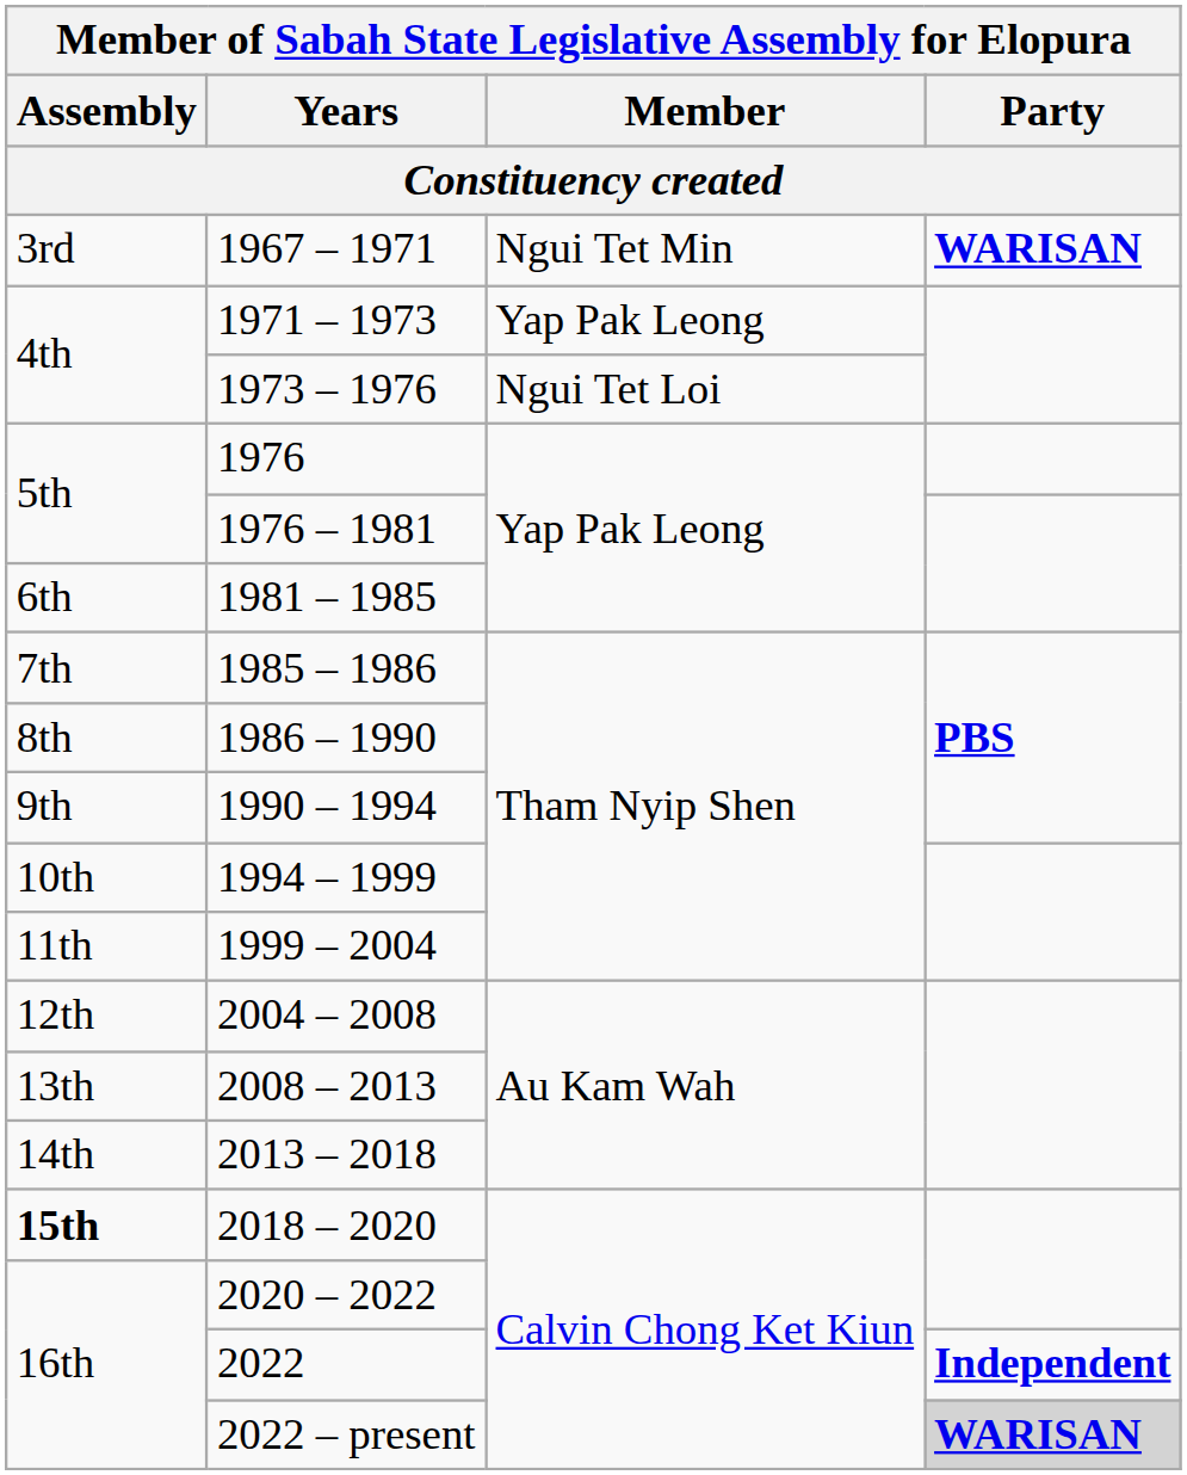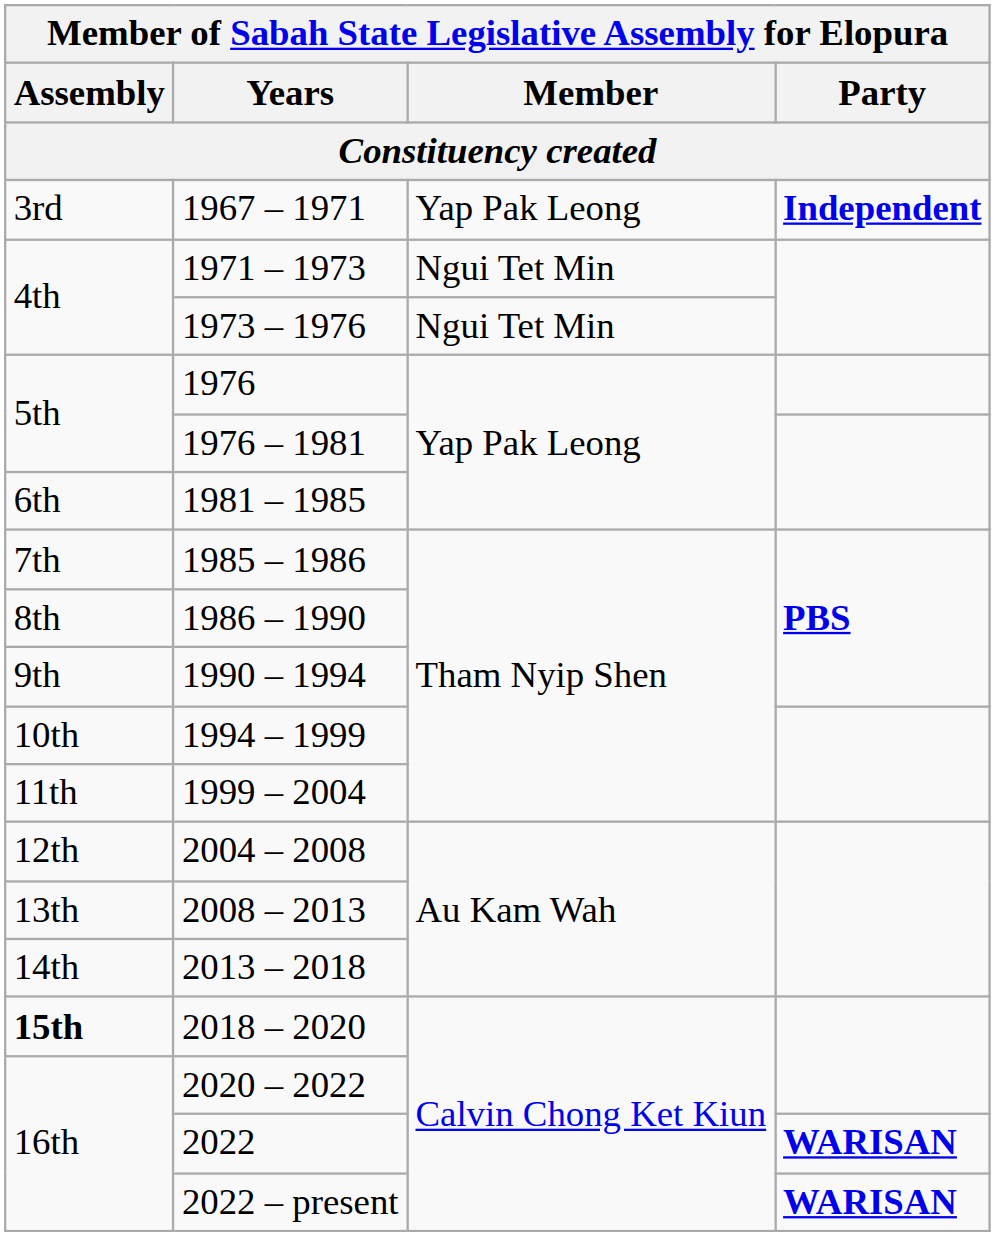 <table class="wikitable">
 <tr>
 <th colspan="4">Member of <a href='#'>Sabah State Legislative Assembly</a> for Elopura</th>
 </tr>
 <tr>
 <th>Assembly</th>
 <th>Years</th>
 <th>Member</th>
 <th>Party</th>
 </tr>
 <tr>
 <th colspan="4" align="center"><em>Constituency created</em></th>
 </tr>
 <tr>
 <td>3rd</td>
 <td>1967 – 1971</td>
-<td>Ngui Tet Min</td>
-<td><strong><a href='#'>WARISAN</a></strong></td>
+<td>Yap Pak Leong</td>
+<td><strong><a href='#'>Independent</a></strong></td>
 </tr>
 <tr>
 <td rowspan="2">4th</td>
 <td>1971 – 1973</td>
-<td>Yap Pak Leong</td>
+<td>Ngui Tet Min</td>
 <td rowspan="2"></td>
 </tr>
 <tr>
 <td>1973 – 1976</td>
-<td>Ngui Tet Loi</td>
+<td>Ngui Tet Min</td>
 </tr>
 <tr>
 <td rowspan="2">5th</td>
 <td>1976</td>
 <td rowspan="3">Yap Pak Leong</td>
 <td></td>
 </tr>
 <tr>
 <td>1976 – 1981</td>
 <td rowspan="2"></td>
 </tr>
 <tr>
 <td>6th</td>
 <td>1981 – 1985</td>
 </tr>
 <tr>
 <td>7th</td>
 <td>1985 – 1986</td>
 <td rowspan="5">Tham Nyip Shen</td>
 <td rowspan="3"><strong><a href='#'>PBS</a></strong></td>
 </tr>
 <tr>
 <td>8th</td>
 <td>1986 – 1990</td>
 </tr>
 <tr>
 <td>9th</td>
 <td>1990 – 1994</td>
 </tr>
 <tr>
 <td>10th</td>
 <td>1994 – 1999</td>
 <td rowspan="2"></td>
 </tr>
 <tr>
 <td>11th</td>
 <td>1999 – 2004</td>
 </tr>
 <tr>
 <td>12th</td>
 <td>2004 – 2008</td>
 <td rowspan="3">Au Kam Wah</td>
 <td rowspan="3"></td>
 </tr>
 <tr>
 <td>13th</td>
 <td>2008 – 2013</td>
 </tr>
 <tr>
 <td>14th</td>
 <td>2013 – 2018</td>
 </tr>
 <tr>
 <td><strong>15th</strong></td>
 <td>2018 – 2020</td>
 <td rowspan="4"><a href='#'>Calvin Chong Ket Kiun</a></td>
 <td rowspan="2"></td>
 </tr>
 <tr>
 <td rowspan="3">16th</td>
 <td>2020 – 2022</td>
 </tr>
 <tr>
 <td>2022</td>
-<td><strong><a href='#'>Independent</a></strong></td>
+<td><strong><a href='#'>WARISAN</a></strong></td>
 </tr>
 <tr>
 <td>2022 – present</td>
-<td style="background: lightgrey;"><strong><a href='#'>WARISAN</a></strong></td>
+<td><strong><a href='#'>WARISAN</a></strong></td>
 </tr>
 </table>
